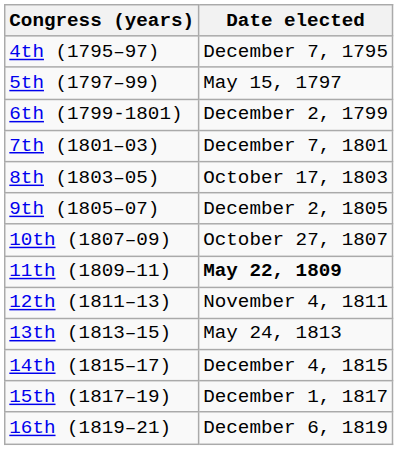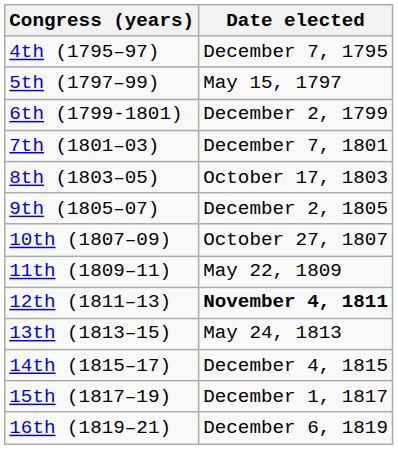 <table class="wikitable">
 <tr>
 <th>Congress (years)</th>
 <th>Date elected</th>
 </tr>
 <tr>
 <td><a href='#'>4th</a> (1795–97)</td>
 <td>December 7, 1795</td>
 </tr>
 <tr>
 <td><a href='#'>5th</a> (1797–99)</td>
 <td>May 15, 1797</td>
 </tr>
 <tr>
 <td><a href='#'>6th</a> (1799-1801)</td>
 <td>December 2, 1799</td>
 </tr>
 <tr>
 <td><a href='#'>7th</a> (1801–03)</td>
 <td>December 7, 1801</td>
 </tr>
 <tr>
 <td><a href='#'>8th</a> (1803–05)</td>
 <td>October 17, 1803</td>
 </tr>
 <tr>
 <td><a href='#'>9th</a> (1805–07)</td>
 <td>December 2, 1805</td>
 </tr>
 <tr>
 <td><a href='#'>10th</a> (1807–09)</td>
 <td>October 27, 1807</td>
 </tr>
 <tr>
 <td><a href='#'>11th</a> (1809–11)</td>
-<td><strong>May 22, 1809</strong></td>
+<td>May 22, 1809</td>
 </tr>
 <tr>
 <td><a href='#'>12th</a> (1811–13)</td>
-<td>November 4, 1811</td>
+<td><strong>November 4, 1811</strong></td>
 </tr>
 <tr>
 <td><a href='#'>13th</a> (1813–15)</td>
 <td>May 24, 1813</td>
 </tr>
 <tr>
 <td><a href='#'>14th</a> (1815–17)</td>
 <td>December 4, 1815</td>
 </tr>
 <tr>
 <td><a href='#'>15th</a> (1817–19)</td>
 <td>December 1, 1817</td>
 </tr>
 <tr>
 <td><a href='#'>16th</a> (1819–21)</td>
 <td>December 6, 1819</td>
 </tr>
 </table>
